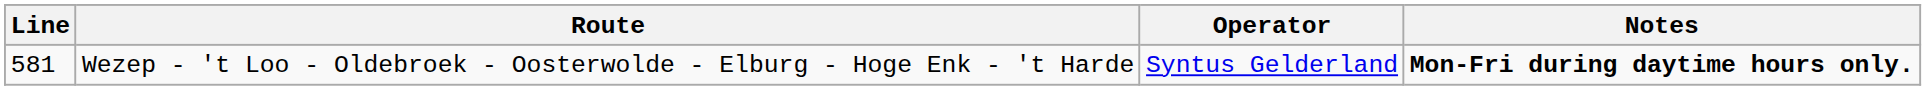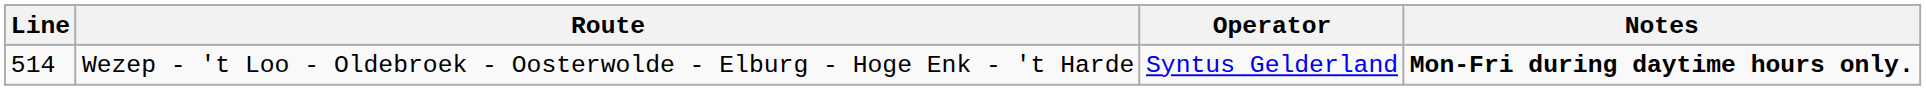 <table class="wikitable">
 <tr>
 <th>Line</th>
 <th>Route</th>
 <th>Operator</th>
 <th>Notes</th>
 </tr>
 <tr>
-<td>581</td>
+<td>514</td>
 <td>Wezep - 't Loo - Oldebroek - Oosterwolde - Elburg - Hoge Enk - 't Harde</td>
 <td><a href='#'>Syntus Gelderland</a></td>
 <td><strong>Mon-Fri during daytime hours only.</strong></td>
 </tr>
 </table>
